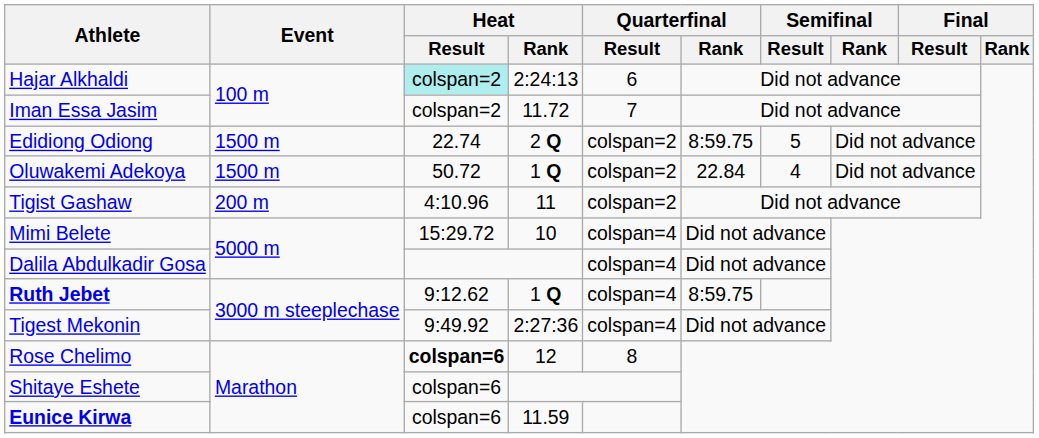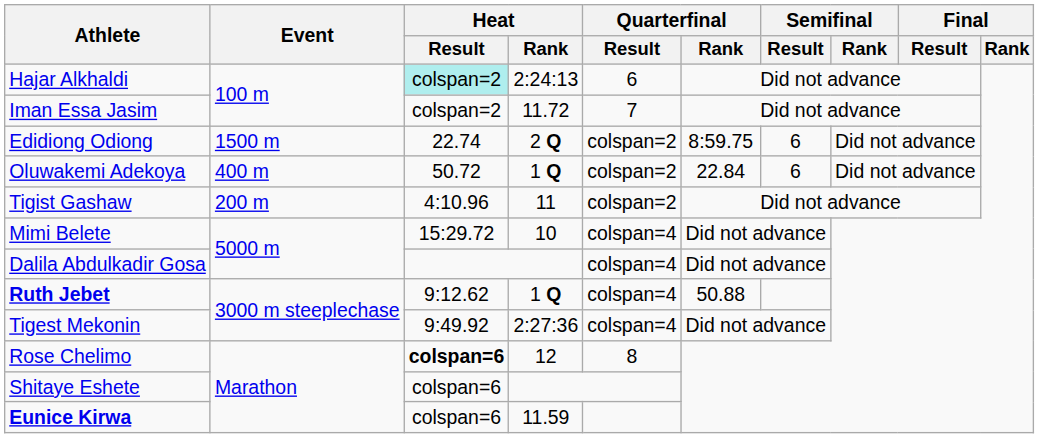 <table class="wikitable" style="font-size:90%">
 <tr>
 <th rowspan="2">Athlete</th>
 <th rowspan="2">Event</th>
 <th colspan="2">Heat</th>
 <th colspan="2">Quarterfinal</th>
 <th colspan="2">Semifinal</th>
 <th colspan="2">Final</th>
 </tr>
 <tr style="font-size:95%">
 <th>Result</th>
 <th>Rank</th>
 <th>Result</th>
 <th>Rank</th>
 <th>Result</th>
 <th>Rank</th>
 <th>Result</th>
 <th>Rank</th>
 </tr>
 <tr align=center>
 <td align=left><a href='#'>Hajar Alkhaldi</a></td>
 <td align=left rowspan=2><a href='#'>100 m</a></td>
 <td style="background: paleturquoise;">colspan=2 </td>
 <td>2:24:13</td>
 <td>6</td>
 <td colspan=4>Did not advance</td>
 </tr>
 <tr align=center>
 <td align=left><a href='#'>Iman Essa Jasim</a></td>
 <td>colspan=2 </td>
 <td>11.72</td>
 <td>7</td>
 <td colspan=4>Did not advance</td>
 </tr>
 <tr align=center>
 <td align=left><a href='#'>Edidiong Odiong</a></td>
 <td align=left><a href='#'>1500 m</a></td>
 <td>22.74</td>
 <td>2 <strong>Q</strong></td>
 <td>colspan=2 </td>
 <td>8:59.75</td>
-<td>5</td>
+<td>6</td>
 <td colspan=2>Did not advance</td>
 </tr>
 <tr align=center>
 <td align=left><a href='#'>Oluwakemi Adekoya</a></td>
-<td align=left><a href='#'>1500 m</a></td>
+<td align=left><a href='#'>400 m</a></td>
 <td>50.72</td>
 <td>1 <strong>Q</strong></td>
 <td>colspan=2 </td>
 <td>22.84</td>
-<td>4</td>
+<td>6</td>
 <td colspan=2>Did not advance</td>
 </tr>
 <tr align=center>
 <td align=left><a href='#'>Tigist Gashaw</a></td>
 <td align=left><a href='#'>200 m</a></td>
 <td>4:10.96</td>
 <td>11</td>
 <td>colspan=2 </td>
 <td colspan=4>Did not advance</td>
 </tr>
 <tr align=center>
 <td align=left><a href='#'>Mimi Belete</a></td>
 <td align=left rowspan=2><a href='#'>5000 m</a></td>
 <td>15:29.72</td>
 <td>10</td>
 <td>colspan=4 </td>
 <td colspan=2>Did not advance</td>
 </tr>
 <tr align=center>
 <td align=left><a href='#'>Dalila Abdulkadir Gosa</a></td>
 <td colspan=2></td>
 <td>colspan=4 </td>
 <td colspan=2>Did not advance</td>
 </tr>
 <tr align=center>
 <td align=left><strong><a href='#'>Ruth Jebet</a></strong></td>
 <td align=left rowspan=2><a href='#'>3000 m steeplechase</a></td>
 <td>9:12.62</td>
 <td>1 <strong>Q</strong></td>
 <td>colspan=4 </td>
-<td>8:59.75</td>
+<td>50.88</td>
 <td></td>
 </tr>
 <tr align=center>
 <td align=left><a href='#'>Tigest Mekonin</a></td>
 <td>9:49.92</td>
 <td>2:27:36</td>
 <td>colspan=4 </td>
 <td colspan=2>Did not advance</td>
 </tr>
 <tr align=center>
 <td align=left><a href='#'>Rose Chelimo</a></td>
 <td align=left rowspan=3><a href='#'>Marathon</a></td>
 <td><strong>colspan=6 </strong></td>
 <td>12</td>
 <td>8</td>
 </tr>
 <tr align=center>
 <td align=left><a href='#'>Shitaye Eshete</a></td>
 <td>colspan=6 </td>
 <td colspan=2></td>
 </tr>
 <tr align=center>
 <td align=left><strong><a href='#'>Eunice Kirwa</a></strong></td>
 <td>colspan=6 </td>
 <td>11.59</td>
 <td></td>
 </tr>
 </table>
